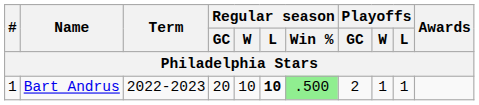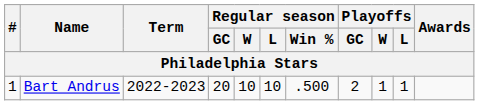 <table class="wikitable" style="text-align:center">
 <tr>
 <th rowspan="2">#</th>
 <th rowspan="2">Name</th>
 <th rowspan="2">Term</th>
 <th colspan="4">Regular season</th>
 <th colspan="3">Playoffs</th>
 <th rowspan="2">Awards</th>
 </tr>
 <tr>
 <th>GC</th>
 <th>W</th>
 <th>L</th>
 <th>Win %</th>
 <th>GC</th>
 <th>W</th>
 <th>L</th>
 </tr>
 <tr>
 <th colspan="11">Philadelphia Stars</th>
 </tr>
 <tr>
 <td>1</td>
 <td><a href='#'>Bart Andrus</a></td>
 <td>2022-2023</td>
 <td>20</td>
 <td>10</td>
-<td><strong>10</strong></td>
-<td style="background: lightgreen;">.500</td>
+<td>10</td>
+<td>.500</td>
 <td>2</td>
 <td>1</td>
 <td>1</td>
 <td></td>
 </tr>
 </table>
